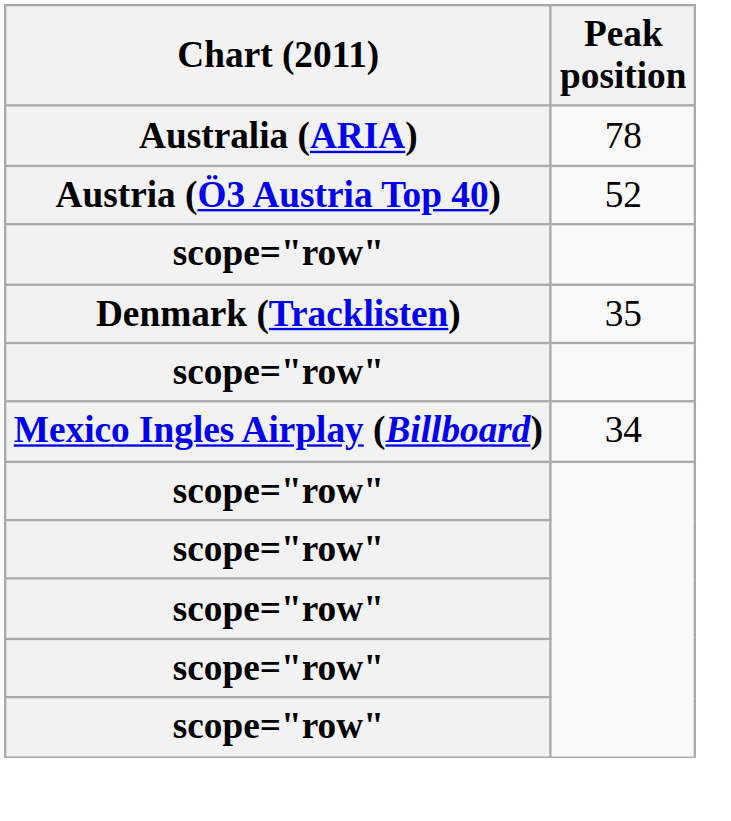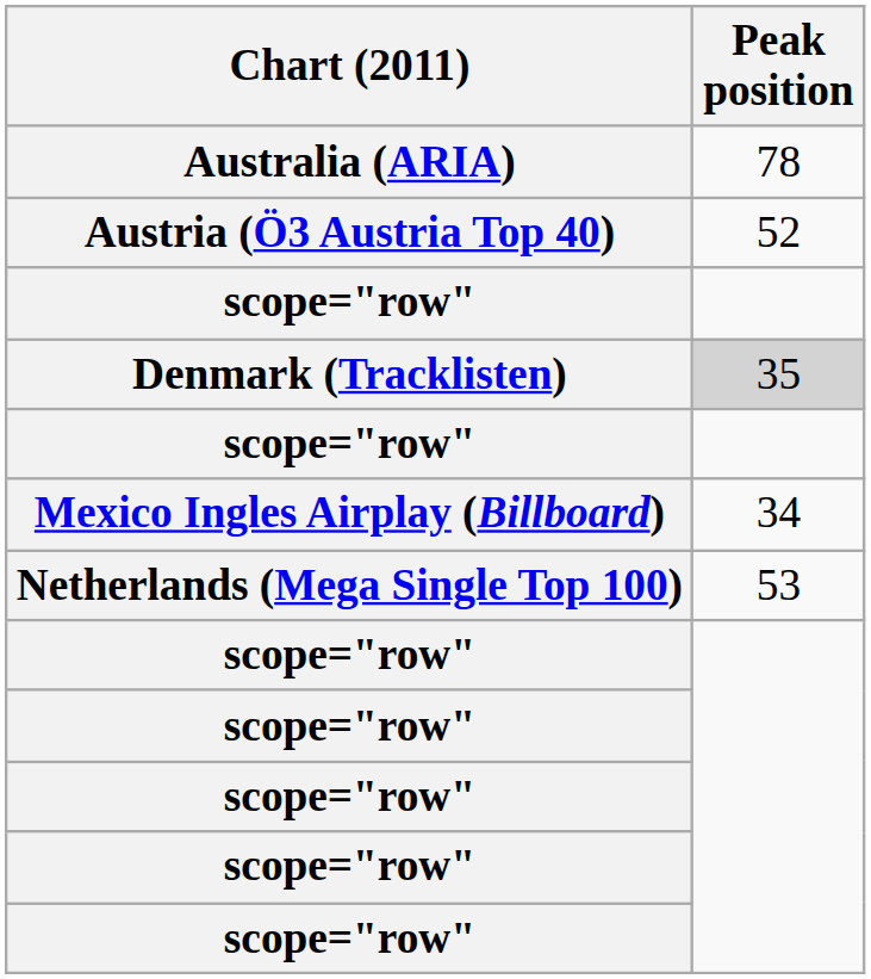 <table class="wikitable sortable plainrowheaders">
 <tr>
 <th>Chart (2011)</th>
 <th>Peak<br>position</th>
 </tr>
 <tr>
 <th scope="row">Australia (<a href='#'>ARIA</a>)</th>
 <td align="center">78</td>
 </tr>
 <tr>
 <th scope="row">Austria (<a href='#'>Ö3 Austria Top 40</a>)</th>
 <td align="center">52</td>
 </tr>
 <tr>
 <th>scope="row" </th>
 </tr>
 <tr>
 <th scope="row">Denmark (<a href='#'>Tracklisten</a>)</th>
-<td align="center">35</td>
+<td align="center" style="background: lightgrey;">35</td>
 </tr>
 <tr>
 <th>scope="row" </th>
 </tr>
 <tr>
 <th scope="row"><a href='#'>Mexico Ingles Airplay</a> (<em><a href='#'>Billboard</a></em>)</th>
 <td align="center">34</td>
+</tr>
+<tr>
+<th scope="row">Netherlands (<a href='#'>Mega Single Top 100</a>)</th>
+<td align="center">53</td>
 </tr>
 <tr>
 <th>scope="row" </th>
 </tr>
 <tr>
 <th>scope="row" </th>
 </tr>
 <tr>
 <th>scope="row" </th>
 </tr>
 <tr>
 <th>scope="row" </th>
 </tr>
 <tr>
 <th>scope="row" </th>
 </tr>
 <tr>
 </tr>
 </table>
